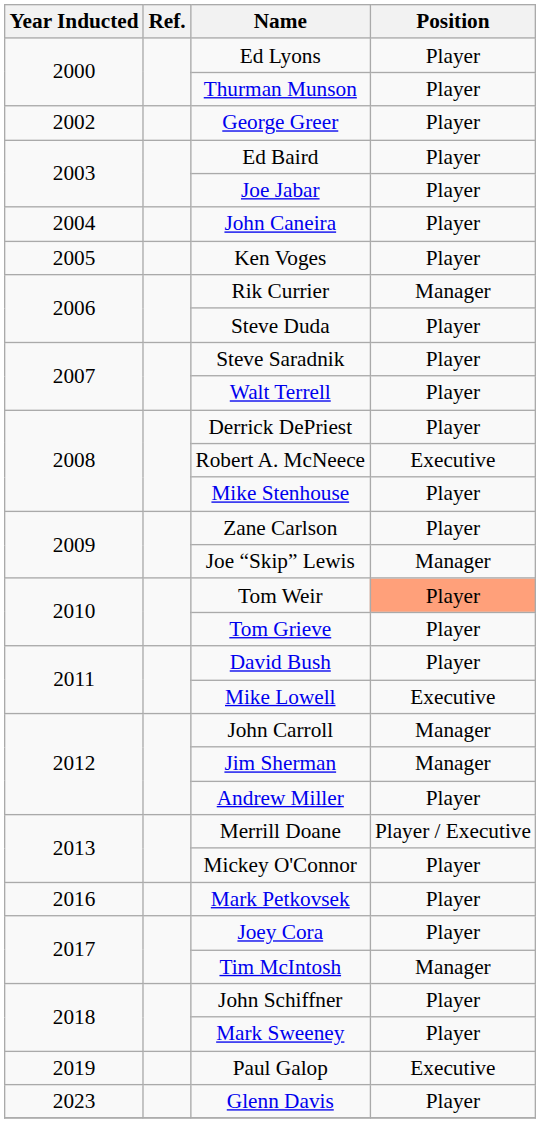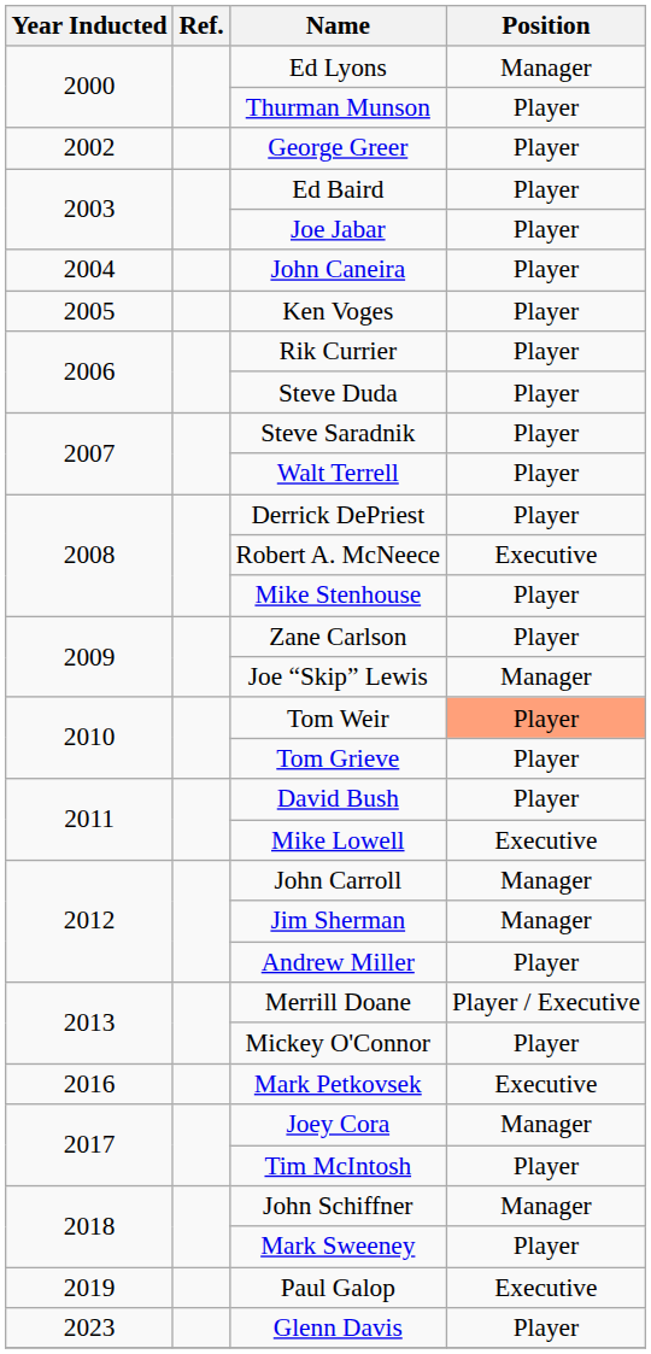 <table class="wikitable" style="text-align:center">
 <tr>
 <th>Year Inducted</th>
 <th>Ref.</th>
 <th>Name</th>
 <th>Position</th>
 </tr>
 <tr>
 <td rowspan="2">2000</td>
 <td rowspan="2"></td>
 <td>Ed Lyons</td>
-<td>Player</td>
+<td>Manager</td>
 </tr>
 <tr>
 <td><a href='#'>Thurman Munson</a></td>
 <td>Player</td>
 </tr>
 <tr>
 <td>2002</td>
 <td></td>
 <td><a href='#'>George Greer</a></td>
 <td>Player</td>
 </tr>
 <tr>
 <td rowspan="2">2003</td>
 <td rowspan="2"></td>
 <td>Ed Baird</td>
 <td>Player</td>
 </tr>
 <tr>
 <td><a href='#'>Joe Jabar</a></td>
 <td>Player</td>
 </tr>
 <tr>
 <td>2004</td>
 <td></td>
 <td><a href='#'>John Caneira</a></td>
 <td>Player</td>
 </tr>
 <tr>
 <td>2005</td>
 <td></td>
 <td>Ken Voges</td>
 <td>Player</td>
 </tr>
 <tr>
 <td rowspan="2">2006</td>
 <td rowspan="2"></td>
 <td>Rik Currier</td>
-<td>Manager</td>
+<td>Player</td>
 </tr>
 <tr>
 <td>Steve Duda</td>
 <td>Player</td>
 </tr>
 <tr>
 <td rowspan="2">2007</td>
 <td rowspan="2"></td>
 <td>Steve Saradnik</td>
 <td>Player</td>
 </tr>
 <tr>
 <td><a href='#'>Walt Terrell</a></td>
 <td>Player</td>
 </tr>
 <tr>
 <td rowspan="3">2008</td>
 <td rowspan="3"></td>
 <td>Derrick DePriest</td>
 <td>Player</td>
 </tr>
 <tr>
 <td>Robert A. McNeece</td>
 <td>Executive</td>
 </tr>
 <tr>
 <td><a href='#'>Mike Stenhouse</a></td>
 <td>Player</td>
 </tr>
 <tr>
 <td rowspan="2">2009</td>
 <td rowspan="2"></td>
 <td>Zane Carlson</td>
 <td>Player</td>
 </tr>
 <tr>
 <td>Joe “Skip” Lewis</td>
 <td>Manager</td>
 </tr>
 <tr>
 <td rowspan="2">2010</td>
 <td rowspan="2"></td>
 <td>Tom Weir</td>
 <td style="background: lightsalmon;">Player</td>
 </tr>
 <tr>
 <td><a href='#'>Tom Grieve</a></td>
 <td>Player</td>
 </tr>
 <tr>
 <td rowspan="2">2011</td>
 <td rowspan="2"></td>
 <td><a href='#'>David Bush</a></td>
 <td>Player</td>
 </tr>
 <tr>
 <td><a href='#'>Mike Lowell</a></td>
 <td>Executive</td>
 </tr>
 <tr>
 <td rowspan="3">2012</td>
 <td rowspan="3"></td>
 <td>John Carroll</td>
 <td>Manager</td>
 </tr>
 <tr>
 <td><a href='#'>Jim Sherman</a></td>
 <td>Manager</td>
 </tr>
 <tr>
 <td><a href='#'>Andrew Miller</a></td>
 <td>Player</td>
 </tr>
 <tr>
 <td rowspan="2">2013</td>
 <td rowspan="2"></td>
 <td>Merrill Doane</td>
 <td>Player / Executive</td>
 </tr>
 <tr>
 <td>Mickey O'Connor</td>
 <td>Player</td>
 </tr>
 <tr>
 <td>2016</td>
 <td></td>
 <td><a href='#'>Mark Petkovsek</a></td>
-<td>Player</td>
+<td>Executive</td>
 </tr>
 <tr>
 <td rowspan="2">2017</td>
 <td rowspan="2"></td>
 <td><a href='#'>Joey Cora</a></td>
-<td>Player</td>
+<td>Manager</td>
 </tr>
 <tr>
 <td><a href='#'>Tim McIntosh</a></td>
-<td>Manager</td>
+<td>Player</td>
 </tr>
 <tr>
 <td rowspan="2">2018</td>
 <td rowspan="2"></td>
 <td>John Schiffner</td>
-<td>Player</td>
+<td>Manager</td>
 </tr>
 <tr>
 <td><a href='#'>Mark Sweeney</a></td>
 <td>Player</td>
 </tr>
 <tr>
 <td>2019</td>
 <td></td>
 <td>Paul Galop</td>
 <td>Executive</td>
 </tr>
 <tr>
 <td>2023</td>
 <td></td>
 <td><a href='#'>Glenn Davis</a></td>
 <td>Player</td>
 </tr>
 <tr>
 </tr>
 </table>
